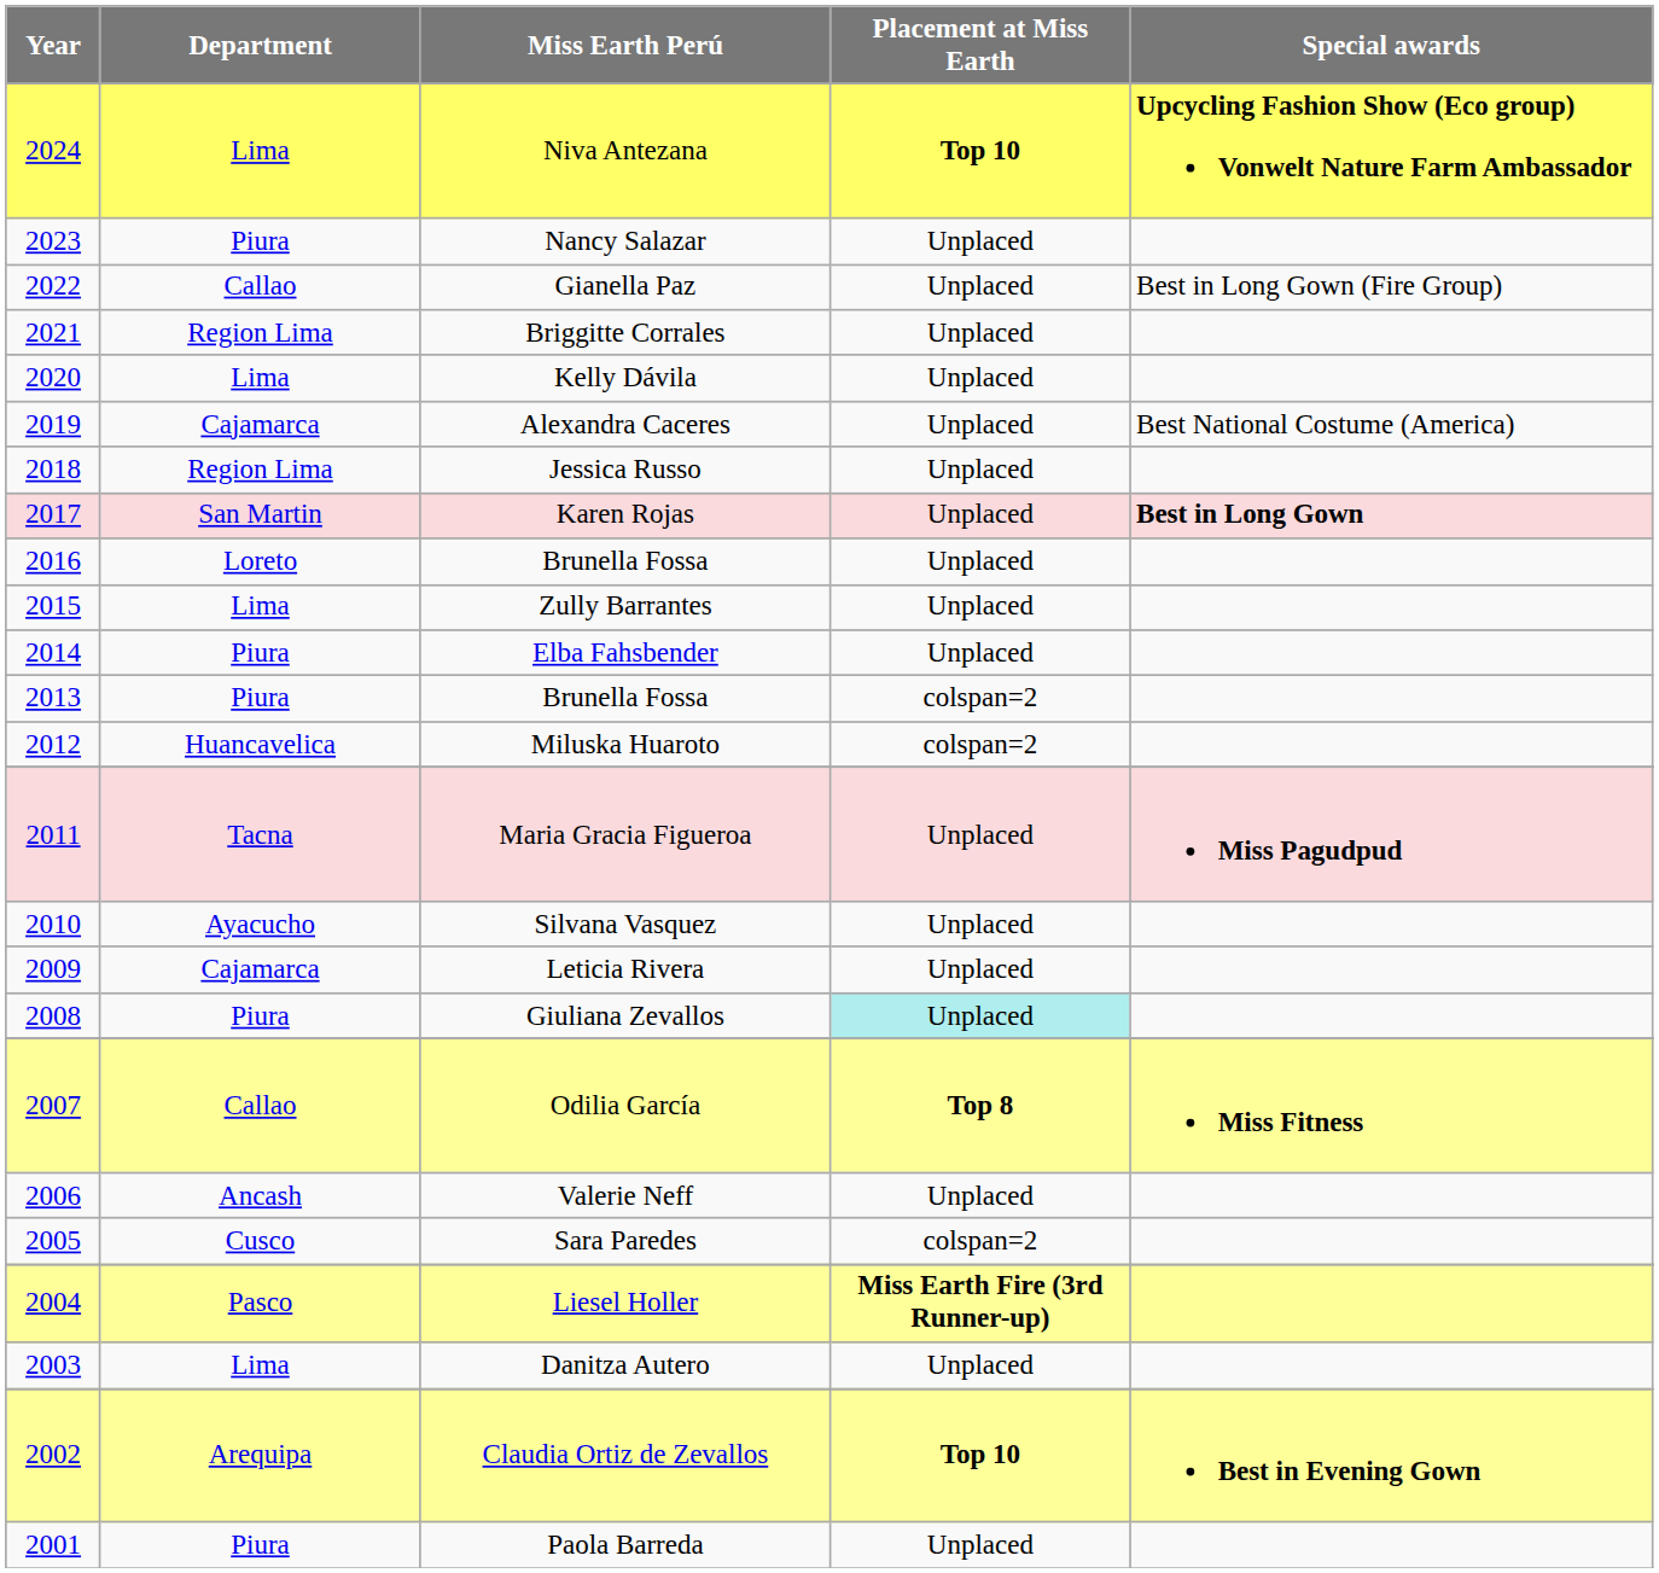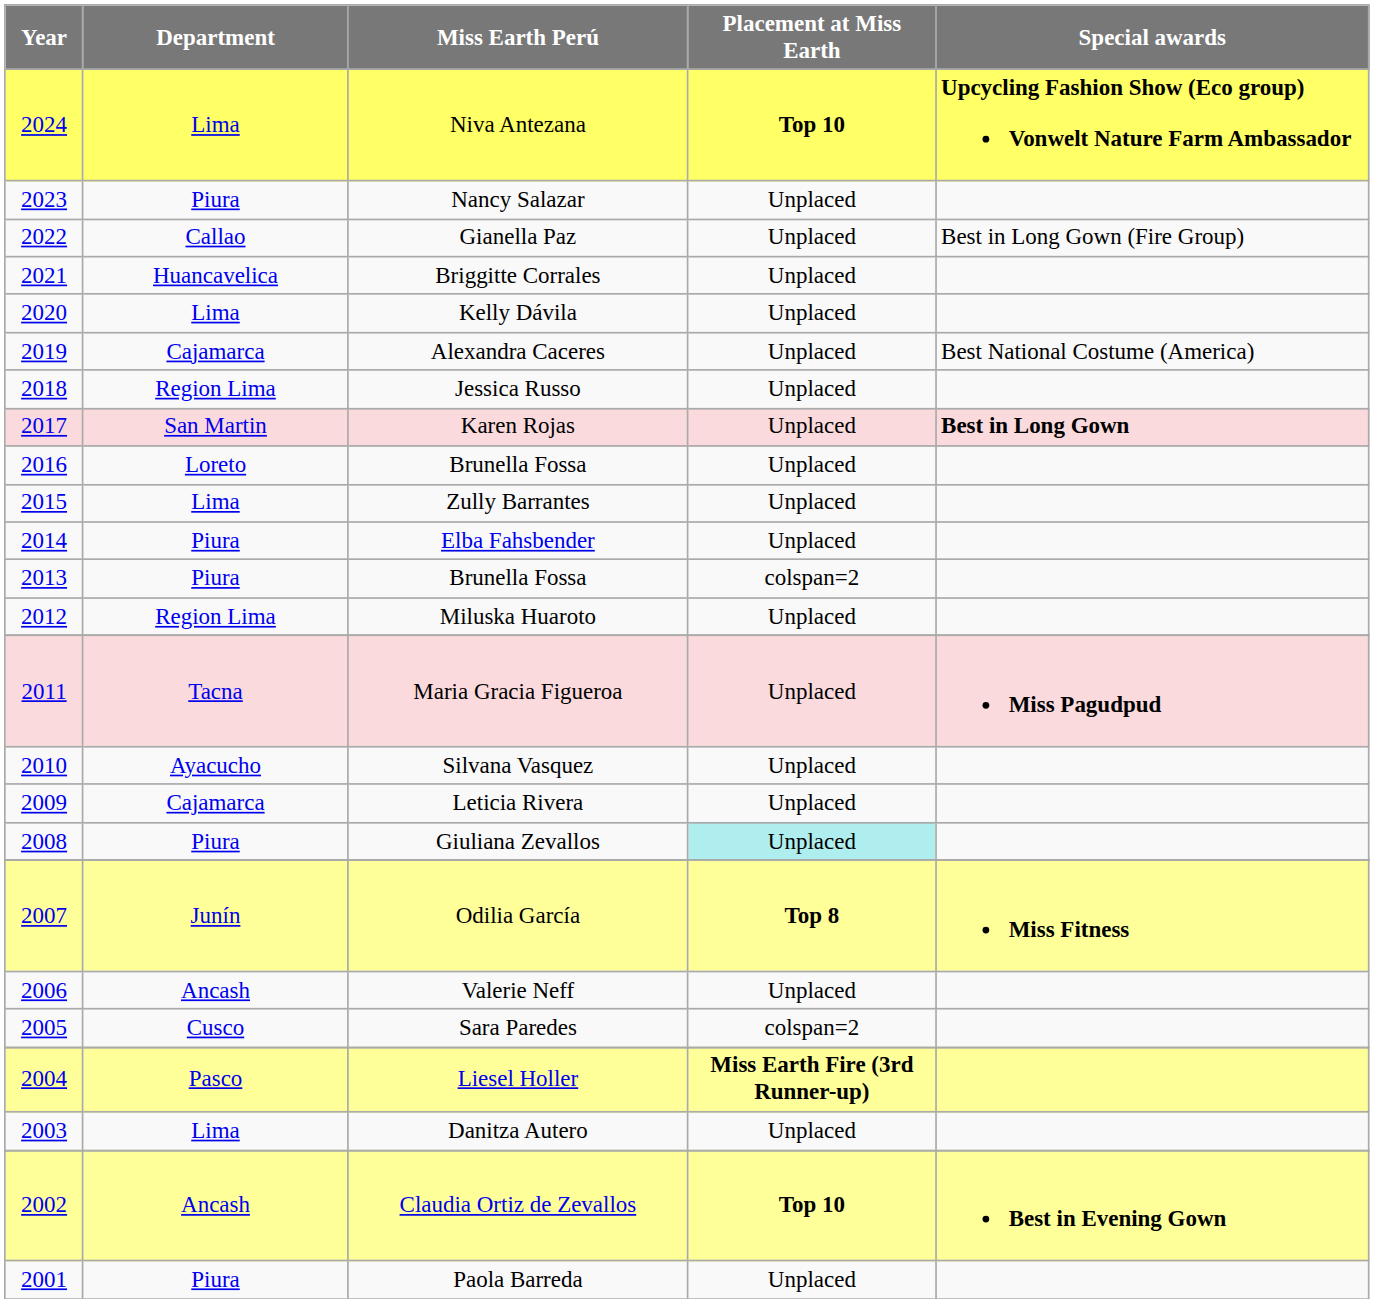 <table class="wikitable " style="font-size: 85%; text-align:center">
 <tr>
 <th width="40" style="background-color:#787878;color:#FFFFFF;">Year</th>
 <th width="150" style="background-color:#787878;color:#FFFFFF;">Department</th>
 <th width="195" style="background-color:#787878;color:#FFFFFF;">Miss Earth Perú</th>
 <th width="140" style="background-color:#787878;color:#FFFFFF;">Placement at Miss Earth</th>
 <th width="250" style="background-color:#787878;color:#FFFFFF;">Special awards</th>
 </tr>
 <tr style="background-color:#FFFF66;">
 <td><a href='#'>2024</a></td>
 <td><a href='#'>Lima</a></td>
 <td>Niva Antezana</td>
 <td><strong>Top 10</strong></td>
 <td align="left"><strong> Upcycling Fashion Show (Eco group)</strong><br><ul><li><strong>Vonwelt Nature Farm Ambassador</strong></li></ul></td>
 </tr>
 <tr>
 <td><a href='#'>2023</a></td>
 <td><a href='#'>Piura</a></td>
 <td>Nancy Salazar</td>
 <td>Unplaced</td>
 <td></td>
 </tr>
 <tr>
 <td><a href='#'>2022</a></td>
 <td><a href='#'>Callao</a></td>
 <td>Gianella Paz</td>
 <td>Unplaced</td>
 <td align="left"> Best in Long Gown (Fire Group)</td>
 </tr>
 <tr>
 <td><a href='#'>2021</a></td>
-<td><a href='#'>Region Lima</a></td>
+<td><a href='#'>Huancavelica</a></td>
 <td>Briggitte Corrales</td>
 <td>Unplaced</td>
 <td></td>
 </tr>
 <tr>
 <td><a href='#'>2020</a></td>
 <td><a href='#'>Lima</a></td>
 <td>Kelly Dávila</td>
 <td>Unplaced</td>
 <td></td>
 </tr>
 <tr>
 <td><a href='#'>2019</a></td>
 <td><a href='#'>Cajamarca</a></td>
 <td>Alexandra Caceres</td>
 <td>Unplaced</td>
 <td align="left"> Best National Costume (America)</td>
 </tr>
 <tr>
 <td><a href='#'>2018</a></td>
 <td><a href='#'>Region Lima</a></td>
 <td>Jessica Russo</td>
 <td>Unplaced</td>
 <td></td>
 </tr>
 <tr style="background-color:#FADADD; ">
 <td><a href='#'>2017</a></td>
 <td><a href='#'>San Martin</a></td>
 <td>Karen Rojas</td>
 <td>Unplaced</td>
 <td align="left"> <strong>Best in Long Gown</strong></td>
 </tr>
 <tr>
 <td><a href='#'>2016</a></td>
 <td><a href='#'>Loreto</a></td>
 <td>Brunella Fossa</td>
 <td>Unplaced</td>
 <td></td>
 </tr>
 <tr>
 <td><a href='#'>2015</a></td>
 <td><a href='#'>Lima</a></td>
 <td>Zully Barrantes</td>
 <td>Unplaced</td>
 <td></td>
 </tr>
 <tr>
 <td><a href='#'>2014</a></td>
 <td><a href='#'>Piura</a></td>
 <td><a href='#'>Elba Fahsbender</a></td>
 <td>Unplaced</td>
 <td></td>
 </tr>
 <tr>
 <td><a href='#'>2013</a></td>
 <td><a href='#'>Piura</a></td>
 <td>Brunella Fossa</td>
 <td>colspan=2 </td>
 </tr>
 <tr>
 <td><a href='#'>2012</a></td>
-<td><a href='#'>Huancavelica</a></td>
+<td><a href='#'>Region Lima</a></td>
 <td>Miluska Huaroto</td>
-<td>colspan=2 </td>
+<td>Unplaced</td>
 <td></td>
 </tr>
 <tr>
 </tr>
 <tr style="background-color:#FADADD;">
 <td><a href='#'>2011</a></td>
 <td><a href='#'>Tacna</a></td>
 <td>Maria Gracia Figueroa</td>
 <td>Unplaced</td>
 <td align="left"><br><ul><li><strong>Miss Pagudpud</strong></li></ul></td>
 </tr>
 <tr>
 <td><a href='#'>2010</a></td>
 <td><a href='#'>Ayacucho</a></td>
 <td>Silvana Vasquez</td>
 <td>Unplaced</td>
 <td></td>
 </tr>
 <tr>
 <td><a href='#'>2009</a></td>
 <td><a href='#'>Cajamarca</a></td>
 <td>Leticia Rivera</td>
 <td>Unplaced</td>
 <td></td>
 </tr>
 <tr>
 <td><a href='#'>2008</a></td>
 <td><a href='#'>Piura</a></td>
 <td>Giuliana Zevallos</td>
 <td style="background: paleturquoise;">Unplaced</td>
 <td></td>
 </tr>
 <tr>
 </tr>
 <tr style="background-color:#FFFF99;">
 <td><a href='#'>2007</a></td>
-<td><a href='#'>Callao</a></td>
+<td><a href='#'>Junín</a></td>
 <td>Odilia García</td>
 <td><strong>Top 8</strong></td>
 <td align="left"><br><ul><li><strong>Miss Fitness</strong></li></ul></td>
 </tr>
 <tr>
 <td><a href='#'>2006</a></td>
 <td><a href='#'>Ancash</a></td>
 <td>Valerie Neff</td>
 <td>Unplaced</td>
 <td></td>
 </tr>
 <tr>
 <td><a href='#'>2005</a></td>
 <td><a href='#'>Cusco</a></td>
 <td>Sara Paredes</td>
 <td>colspan=2 </td>
 <td></td>
 </tr>
 <tr>
 </tr>
 <tr style="background-color:#FFFF99;">
 <td><a href='#'>2004</a></td>
 <td><a href='#'>Pasco</a></td>
 <td><a href='#'>Liesel Holler</a></td>
 <td><strong>Miss Earth Fire (3rd Runner-up)</strong></td>
 <td></td>
 </tr>
 <tr>
 <td><a href='#'>2003</a></td>
 <td><a href='#'>Lima</a></td>
 <td>Danitza Autero</td>
 <td>Unplaced</td>
 <td></td>
 </tr>
 <tr>
 </tr>
 <tr style="background-color:#FFFF99;">
 <td><a href='#'>2002</a></td>
-<td><a href='#'>Arequipa</a></td>
+<td><a href='#'>Ancash</a></td>
 <td><a href='#'>Claudia Ortiz de Zevallos</a></td>
 <td><strong>Top 10</strong></td>
 <td align="left"><br><ul><li><strong>Best in Evening Gown</strong></li></ul></td>
 </tr>
 <tr>
 <td><a href='#'>2001</a></td>
 <td><a href='#'>Piura</a></td>
 <td>Paola Barreda</td>
 <td>Unplaced</td>
 <td></td>
 </tr>
 <tr>
 </tr>
 </table>
